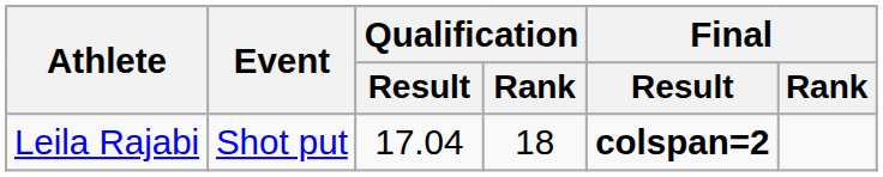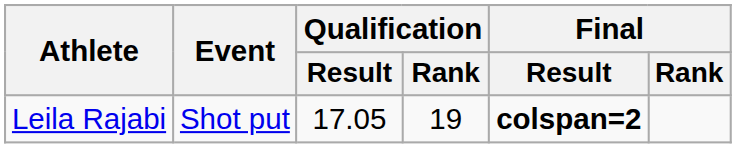 <table class="wikitable" style="font-size:90%">
 <tr>
 <th rowspan="2">Athlete</th>
 <th rowspan="2">Event</th>
 <th colspan="2">Qualification</th>
 <th colspan="2">Final</th>
 </tr>
 <tr style="font-size:95%">
 <th>Result</th>
 <th>Rank</th>
 <th>Result</th>
 <th>Rank</th>
 </tr>
 <tr style=text-align:center>
 <td style=text-align:left><a href='#'>Leila Rajabi</a></td>
 <td style=text-align:left><a href='#'>Shot put</a></td>
-<td>17.04</td>
-<td>18</td>
+<td>17.05</td>
+<td>19</td>
 <td><strong>colspan=2 </strong></td>
 </tr>
 </table>
